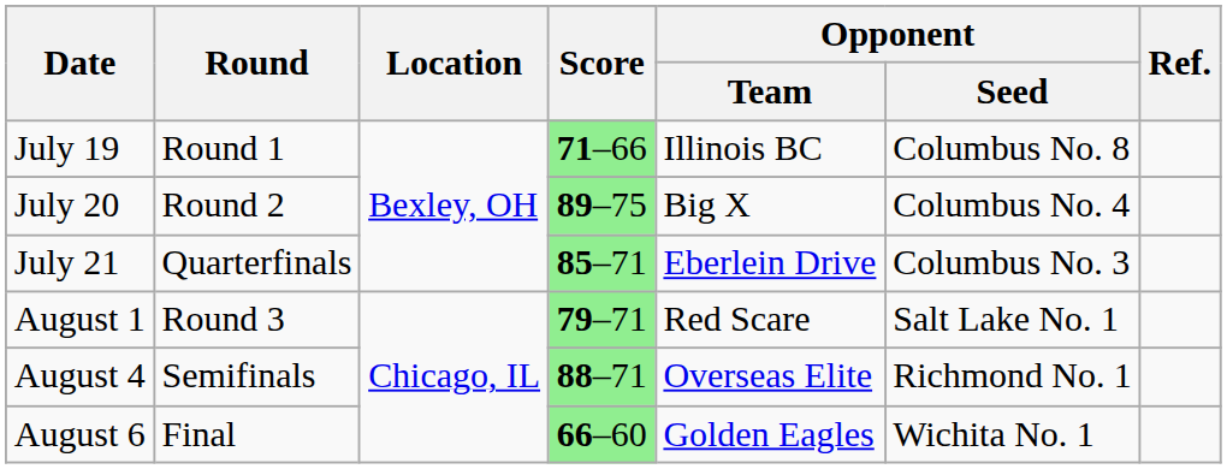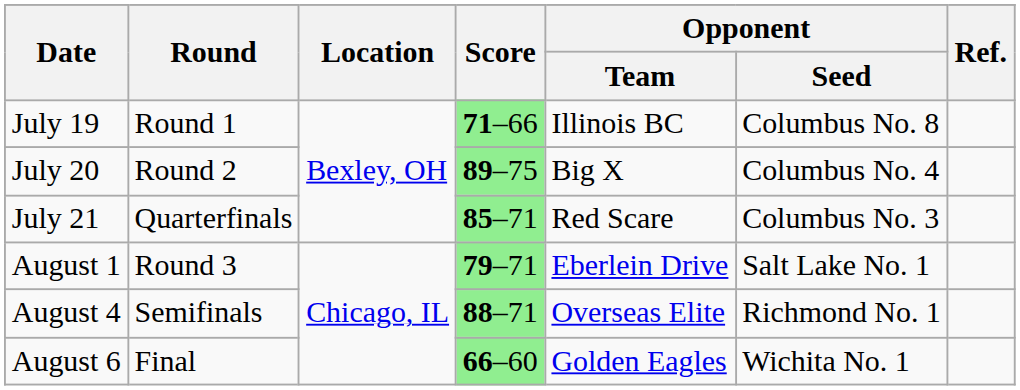 <table class="wikitable">
 <tr>
 <th rowspan=2>Date</th>
 <th rowspan=2>Round</th>
 <th rowspan=2>Location</th>
 <th rowspan=2>Score</th>
 <th colspan=2>Opponent</th>
 <th rowspan=2>Ref.</th>
 </tr>
 <tr>
 <th>Team</th>
 <th>Seed</th>
 </tr>
 <tr>
 <td>July 19</td>
 <td>Round 1</td>
 <td rowspan=3><a href='#'>Bexley, OH</a></td>
 <td bgcolor=lightgreen><strong>71</strong>–66</td>
 <td>Illinois BC</td>
 <td>Columbus No. 8</td>
 <td></td>
 </tr>
 <tr>
 <td>July 20</td>
 <td>Round 2</td>
 <td bgcolor=lightgreen><strong>89</strong>–75</td>
 <td>Big X</td>
 <td>Columbus No. 4</td>
 <td></td>
 </tr>
 <tr>
 <td>July 21</td>
 <td>Quarterfinals</td>
 <td bgcolor=lightgreen><strong>85</strong>–71</td>
-<td><a href='#'>Eberlein Drive</a></td>
+<td>Red Scare</td>
 <td>Columbus No. 3</td>
 <td></td>
 </tr>
 <tr>
 <td>August 1</td>
 <td>Round 3</td>
 <td rowspan=3><a href='#'>Chicago, IL</a></td>
 <td bgcolor=lightgreen><strong>79</strong>–71</td>
-<td>Red Scare</td>
+<td><a href='#'>Eberlein Drive</a></td>
 <td>Salt Lake No. 1</td>
 <td></td>
 </tr>
 <tr>
 <td>August 4</td>
 <td>Semifinals</td>
 <td bgcolor=lightgreen><strong>88</strong>–71</td>
 <td><a href='#'>Overseas Elite</a></td>
 <td>Richmond No. 1</td>
 <td></td>
 </tr>
 <tr>
 <td>August 6</td>
 <td>Final</td>
 <td bgcolor=lightgreen><strong>66</strong>–60</td>
 <td><a href='#'>Golden Eagles</a></td>
 <td>Wichita No. 1</td>
 <td></td>
 </tr>
 </table>
